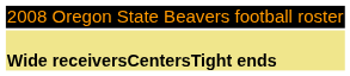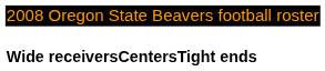 <table class="toccolours" style="text-align: left;">
 <tr>
 <td colspan=7 style="color:#FF9900; background:#000000; text-align: center">2008 Oregon State Beavers football roster</td>
 </tr>
 <tr>
-<td style="background: khaki; font-size: 95%;" valign="top"><br><strong>Wide receivers</strong><strong>Centers</strong><strong>Tight ends</strong></td>
+<td style="font-size: 95%;" valign="top"><br><strong>Wide receivers</strong><strong>Centers</strong><strong>Tight ends</strong></td>
 </tr>
 </table>
